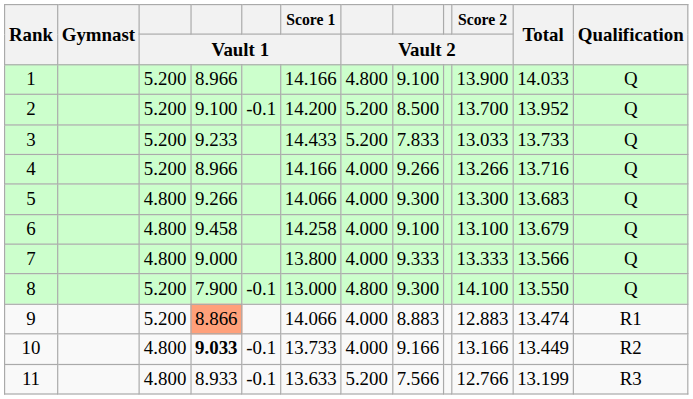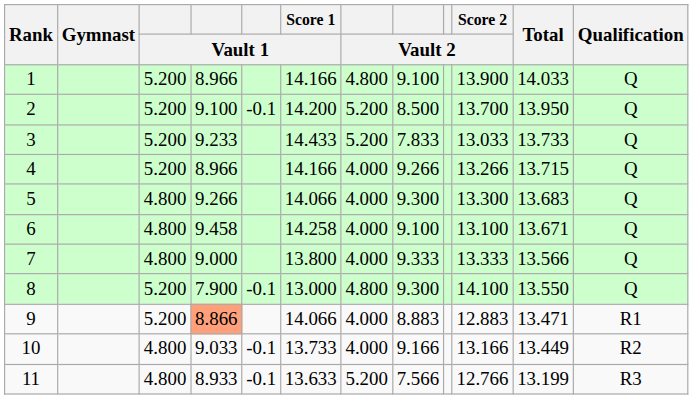 <table class="wikitable sortable" style="text-align:center">
 <tr>
 <th rowspan=2>Rank</th>
 <th rowspan=2>Gymnast</th>
 <th><small></small></th>
 <th><small></small></th>
 <th><small></small></th>
 <th><small>Score 1</small></th>
 <th><small></small></th>
 <th><small></small></th>
 <th><small></small></th>
 <th><small>Score 2</small></th>
 <th rowspan=2>Total</th>
 <th rowspan=2>Qualification</th>
 </tr>
 <tr>
 <th colspan=4>Vault 1</th>
 <th colspan=4>Vault 2</th>
 </tr>
 <tr bgcolor=ccffcc>
 <td>1</td>
 <td align=left></td>
 <td>5.200</td>
 <td>8.966</td>
 <td></td>
 <td>14.166</td>
 <td>4.800</td>
 <td>9.100</td>
 <td></td>
 <td>13.900</td>
 <td>14.033</td>
 <td>Q</td>
 </tr>
 <tr bgcolor=ccffcc>
 <td>2</td>
 <td align=left></td>
 <td>5.200</td>
 <td>9.100</td>
 <td>-0.1</td>
 <td>14.200</td>
 <td>5.200</td>
 <td>8.500</td>
 <td></td>
 <td>13.700</td>
-<td>13.952</td>
+<td>13.950</td>
 <td>Q</td>
 </tr>
 <tr bgcolor=ccffcc>
 <td>3</td>
 <td align=left></td>
 <td>5.200</td>
 <td>9.233</td>
 <td></td>
 <td>14.433</td>
 <td>5.200</td>
 <td>7.833</td>
 <td></td>
 <td>13.033</td>
 <td>13.733</td>
 <td>Q</td>
 </tr>
 <tr bgcolor=ccffcc>
 <td>4</td>
 <td align=left></td>
 <td>5.200</td>
 <td>8.966</td>
 <td></td>
 <td>14.166</td>
 <td>4.000</td>
 <td>9.266</td>
 <td></td>
 <td>13.266</td>
-<td>13.716</td>
+<td>13.715</td>
 <td>Q</td>
 </tr>
 <tr bgcolor=ccffcc>
 <td>5</td>
 <td align=left></td>
 <td>4.800</td>
 <td>9.266</td>
 <td></td>
 <td>14.066</td>
 <td>4.000</td>
 <td>9.300</td>
 <td></td>
 <td>13.300</td>
 <td>13.683</td>
 <td>Q</td>
 </tr>
 <tr bgcolor=ccffcc>
 <td>6</td>
 <td align=left></td>
 <td>4.800</td>
 <td>9.458</td>
 <td></td>
 <td>14.258</td>
 <td>4.000</td>
 <td>9.100</td>
 <td></td>
 <td>13.100</td>
-<td>13.679</td>
+<td>13.671</td>
 <td>Q</td>
 </tr>
 <tr bgcolor=ccffcc>
 <td>7</td>
 <td align=left></td>
 <td>4.800</td>
 <td>9.000</td>
 <td></td>
 <td>13.800</td>
 <td>4.000</td>
 <td>9.333</td>
 <td></td>
 <td>13.333</td>
 <td>13.566</td>
 <td>Q</td>
 </tr>
 <tr bgcolor=ccffcc>
 <td>8</td>
 <td align=left></td>
 <td>5.200</td>
 <td>7.900</td>
 <td>-0.1</td>
 <td>13.000</td>
 <td>4.800</td>
 <td>9.300</td>
 <td></td>
 <td>14.100</td>
 <td>13.550</td>
 <td>Q</td>
 </tr>
 <tr>
 <td>9</td>
 <td align=left></td>
 <td>5.200</td>
 <td style="background: lightsalmon;">8.866</td>
 <td></td>
 <td>14.066</td>
 <td>4.000</td>
 <td>8.883</td>
 <td></td>
 <td>12.883</td>
-<td>13.474</td>
+<td>13.471</td>
 <td>R1</td>
 </tr>
 <tr>
 <td>10</td>
 <td align=left></td>
 <td>4.800</td>
-<td><strong>9.033</strong></td>
+<td>9.033</td>
 <td>-0.1</td>
 <td>13.733</td>
 <td>4.000</td>
 <td>9.166</td>
 <td></td>
 <td>13.166</td>
 <td>13.449</td>
 <td>R2</td>
 </tr>
 <tr>
 <td>11</td>
 <td align=left></td>
 <td>4.800</td>
 <td>8.933</td>
 <td>-0.1</td>
 <td>13.633</td>
 <td>5.200</td>
 <td>7.566</td>
 <td></td>
 <td>12.766</td>
 <td>13.199</td>
 <td>R3</td>
 </tr>
 </table>
